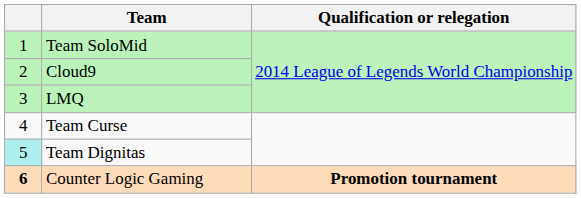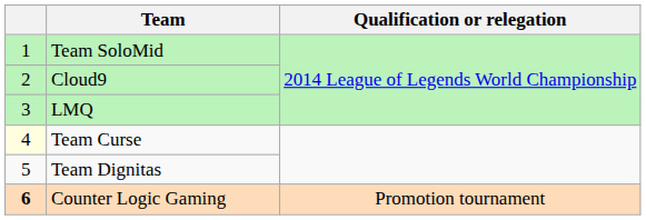 <table class="wikitable" style="text-align:center">
 <tr>
 <th width=28></th>
 <th width=190>Team</th>
 <th>Qualification or relegation</th>
 </tr>
 <tr style="background-color:#BBF3BB;">
 <td>1</td>
 <td style="text-align:left">Team SoloMid</td>
 <td rowspan="3"><a href='#'>2014 League of Legends World Championship</a></td>
 </tr>
 <tr style="background-color:#BBF3BB;">
 <td>2</td>
 <td style="text-align:left">Cloud9</td>
 </tr>
 <tr style="background-color:#BBF3BB;">
 <td>3</td>
 <td style="text-align:left">LMQ</td>
 </tr>
 <tr>
-<td>4</td>
+<td style="background: lightyellow;">4</td>
 <td style="text-align:left">Team Curse</td>
 <td rowspan="2"></td>
 </tr>
 <tr>
-<td style="background: paleturquoise;">5</td>
+<td>5</td>
 <td style="text-align:left">Team Dignitas</td>
 </tr>
 <tr style="background-color:#FEDCBA;">
 <td><strong>6</strong></td>
 <td style="text-align:left">Counter Logic Gaming</td>
-<td><strong>Promotion tournament</strong></td>
+<td>Promotion tournament</td>
 </tr>
 </table>
